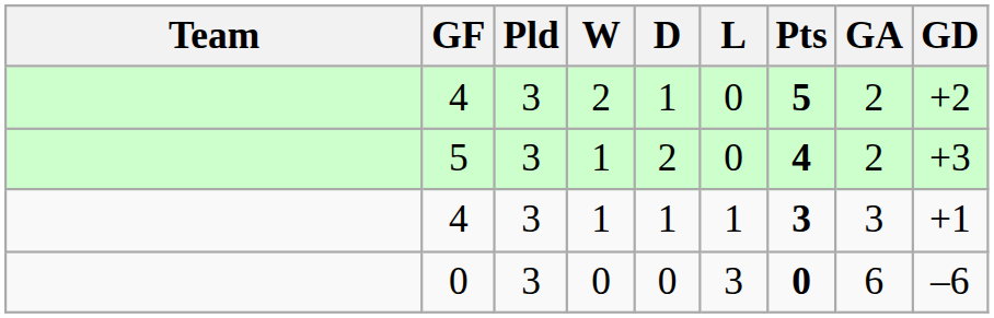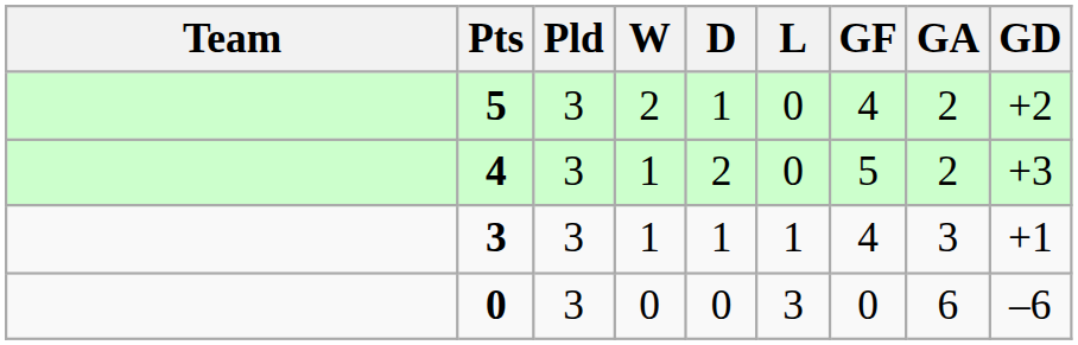 <table class=wikitable style="text-align:center">
 <tr>
 <th width=165>Team</th>
-<th width=20>GF</th>
+<th width=20>Pts</th>
 <th width=20>Pld</th>
 <th width=20>W</th>
 <th width=20>D</th>
 <th width=20>L</th>
-<th width=20>Pts</th>
+<th width=20>GF</th>
 <th width=20>GA</th>
 <th width=20>GD</th>
 </tr>
 <tr align=center style="background:#ccffcc;">
 <td style="text-align:left;"></td>
-<td>4</td>
+<td><strong>5</strong></td>
 <td>3</td>
 <td>2</td>
 <td>1</td>
 <td>0</td>
-<td><strong>5</strong></td>
+<td>4</td>
 <td>2</td>
 <td>+2</td>
 </tr>
 <tr align=center style="background:#ccffcc;">
 <td style="text-align:left;"></td>
-<td>5</td>
+<td><strong>4</strong></td>
 <td>3</td>
 <td>1</td>
 <td>2</td>
 <td>0</td>
-<td><strong>4</strong></td>
+<td>5</td>
 <td>2</td>
 <td>+3</td>
 </tr>
 <tr align=center>
 <td style="text-align:left;"></td>
-<td>4</td>
+<td><strong>3</strong></td>
 <td>3</td>
 <td>1</td>
 <td>1</td>
 <td>1</td>
-<td><strong>3</strong></td>
+<td>4</td>
 <td>3</td>
 <td>+1</td>
 </tr>
 <tr align=center>
 <td style="text-align:left;"></td>
-<td>0</td>
+<td><strong>0</strong></td>
 <td>3</td>
 <td>0</td>
 <td>0</td>
 <td>3</td>
-<td><strong>0</strong></td>
+<td>0</td>
 <td>6</td>
 <td>–6</td>
 </tr>
 </table>
